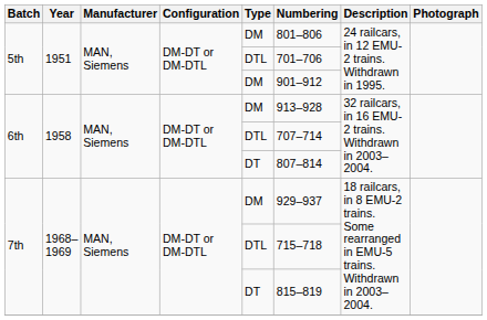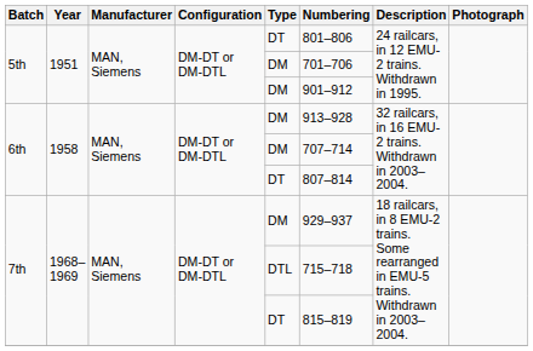 <table class="wikitable">
 <tr>
 <th>Batch</th>
 <th>Year</th>
 <th>Manufacturer</th>
 <th>Configuration</th>
 <th>Type</th>
 <th>Numbering</th>
 <th Left>Description</th>
 <th>Photograph</th>
 </tr>
 <tr>
 <td rowspan="3">5th</td>
 <td rowspan="3">1951</td>
 <td rowspan="3">MAN, Siemens</td>
 <td rowspan="3">DM-DT or<br>DM-DTL</td>
-<td>DM</td>
+<td>DT</td>
 <td>801–806</td>
 <td rowspan="3">24 railcars, in 12 EMU-2 trains. Withdrawn in 1995.</td>
 <td rowspan="3"></td>
 </tr>
 <tr>
-<td>DTL</td>
+<td>DM</td>
 <td>701–706</td>
 </tr>
 <tr>
 <td>DM</td>
 <td>901–912</td>
 </tr>
 <tr>
 <td rowspan="3">6th</td>
 <td rowspan="3">1958</td>
 <td rowspan="3">MAN, Siemens</td>
 <td rowspan="3">DM-DT or<br>DM-DTL</td>
 <td>DM</td>
 <td>913–928</td>
 <td rowspan="3">32 railcars, in 16 EMU-2 trains. Withdrawn in 2003–2004.</td>
 <td rowspan="3"></td>
 </tr>
 <tr>
-<td>DTL</td>
+<td>DM</td>
 <td>707–714</td>
 </tr>
 <tr>
 <td>DT</td>
 <td>807–814</td>
 </tr>
 <tr>
 <td rowspan="3">7th</td>
 <td rowspan="3">1968–1969</td>
 <td rowspan="3">MAN, Siemens</td>
 <td rowspan="3">DM-DT or<br>DM-DTL</td>
 <td>DM</td>
 <td>929–937</td>
 <td rowspan="3">18 railcars, in 8 EMU-2 trains. Some rearranged in EMU-5 trains. Withdrawn in 2003–2004.</td>
 <td rowspan="3"></td>
 </tr>
 <tr>
 <td>DTL</td>
 <td>715–718</td>
 </tr>
 <tr>
 <td>DT</td>
 <td>815–819</td>
 </tr>
 <tr>
 </tr>
 </table>
